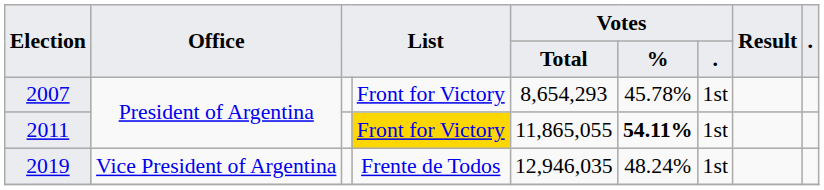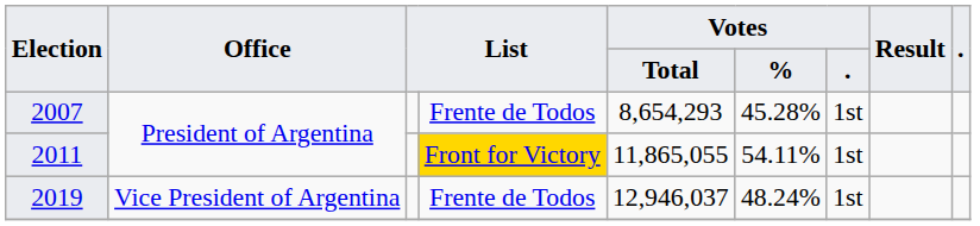 <table class="wikitable" style="font-size:90%; text-align:center;">
 <tr>
 <th style="background-color:#EAECF0;" rowspan=2>Election</th>
 <th style="background-color:#EAECF0;" rowspan=2>Office</th>
 <th style="background-color:#EAECF0;" colspan=2 rowspan=2>List</th>
 <th style="background-color:#EAECF0;" colspan=3>Votes</th>
 <th style="background-color:#EAECF0;" rowspan=2>Result</th>
 <th style="background-color:#EAECF0;" rowspan=2>.</th>
 </tr>
 <tr>
 <th style="background-color:#EAECF0;">Total</th>
 <th style="background-color:#EAECF0;">%</th>
 <th style="background-color:#EAECF0;">.</th>
 </tr>
 <tr>
 <td style="background-color:#EAECF0;"><a href='#'>2007</a></td>
 <td rowspan="2"><a href='#'>President of Argentina</a></td>
 <td style="background-color:"></td>
-<td><a href='#'>Front for Victory</a></td>
+<td><a href='#'>Frente de Todos</a></td>
 <td>8,654,293</td>
-<td>45.78%</td>
+<td>45.28%</td>
 <td>1st</td>
 <td></td>
 <td></td>
 </tr>
 <tr>
 <td style="background-color:#EAECF0;"><a href='#'>2011</a></td>
 <td style="background-color:"></td>
 <td style="background: gold;"><a href='#'>Front for Victory</a></td>
 <td>11,865,055</td>
-<td><strong>54.11%</strong></td>
+<td>54.11%</td>
 <td>1st</td>
 <td></td>
 <td></td>
 </tr>
 <tr>
 <td style="background-color:#EAECF0;"><a href='#'>2019</a></td>
 <td><a href='#'>Vice President of Argentina</a></td>
 <td style="background-color:"></td>
 <td><a href='#'>Frente de Todos</a></td>
-<td>12,946,035</td>
+<td>12,946,037</td>
 <td>48.24%</td>
 <td>1st</td>
 <td></td>
 <td></td>
 </tr>
 <tr>
 </tr>
 </table>
